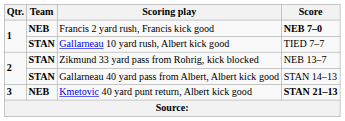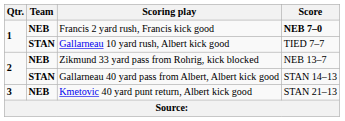 <table class="wikitable">
 <tr>
 <th>Qtr.</th>
 <th>Team</th>
 <th>Scoring play</th>
 <th>Score</th>
 </tr>
 <tr>
 <td rowspan=2><strong>1</strong></td>
 <td><strong>NEB</strong></td>
 <td>Francis 2 yard rush, Francis kick good</td>
 <td><strong>NEB 7–0</strong></td>
 </tr>
 <tr>
 <td><strong>STAN</strong></td>
 <td><a href='#'>Gallarneau</a> 10 yard rush, Albert kick good</td>
 <td>TIED 7–7</td>
 </tr>
 <tr>
 <td rowspan=2><strong>2</strong></td>
-<td><strong>STAN</strong></td>
+<td><strong>NEB</strong></td>
 <td>Zikmund 33 yard pass from Rohrig, kick blocked</td>
 <td>NEB 13–7</td>
 </tr>
 <tr>
 <td><strong>STAN</strong></td>
 <td>Gallarneau 40 yard pass from Albert, Albert kick good</td>
 <td>STAN 14–13</td>
 </tr>
 <tr>
 <td><strong>3</strong></td>
 <td><strong>NEB</strong></td>
 <td><a href='#'>Kmetovic</a> 40 yard punt return, Albert kick good</td>
-<td><strong>STAN 21–13</strong></td>
+<td>STAN 21–13</td>
 </tr>
 <tr>
 <th colspan=4>Source:</th>
 </tr>
 </table>
